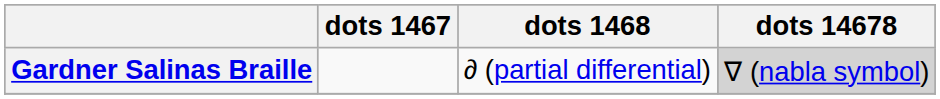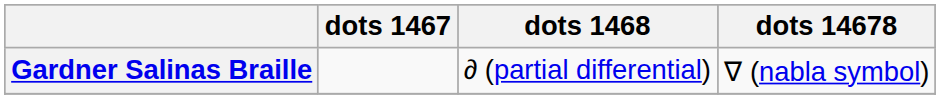 <table class="wikitable">
 <tr>
 <th></th>
 <th>dots 1467</th>
 <th>dots 1468</th>
 <th>dots 14678</th>
 </tr>
 <tr>
 <th align=left><a href='#'>Gardner Salinas Braille</a></th>
 <td></td>
 <td>∂ (<a href='#'>partial differential</a>)</td>
-<td style="background: lightgrey;">∇ (<a href='#'>nabla symbol</a>)</td>
+<td>∇ (<a href='#'>nabla symbol</a>)</td>
 </tr>
 <tr>
 </tr>
 <tr>
 </tr>
 </table>
